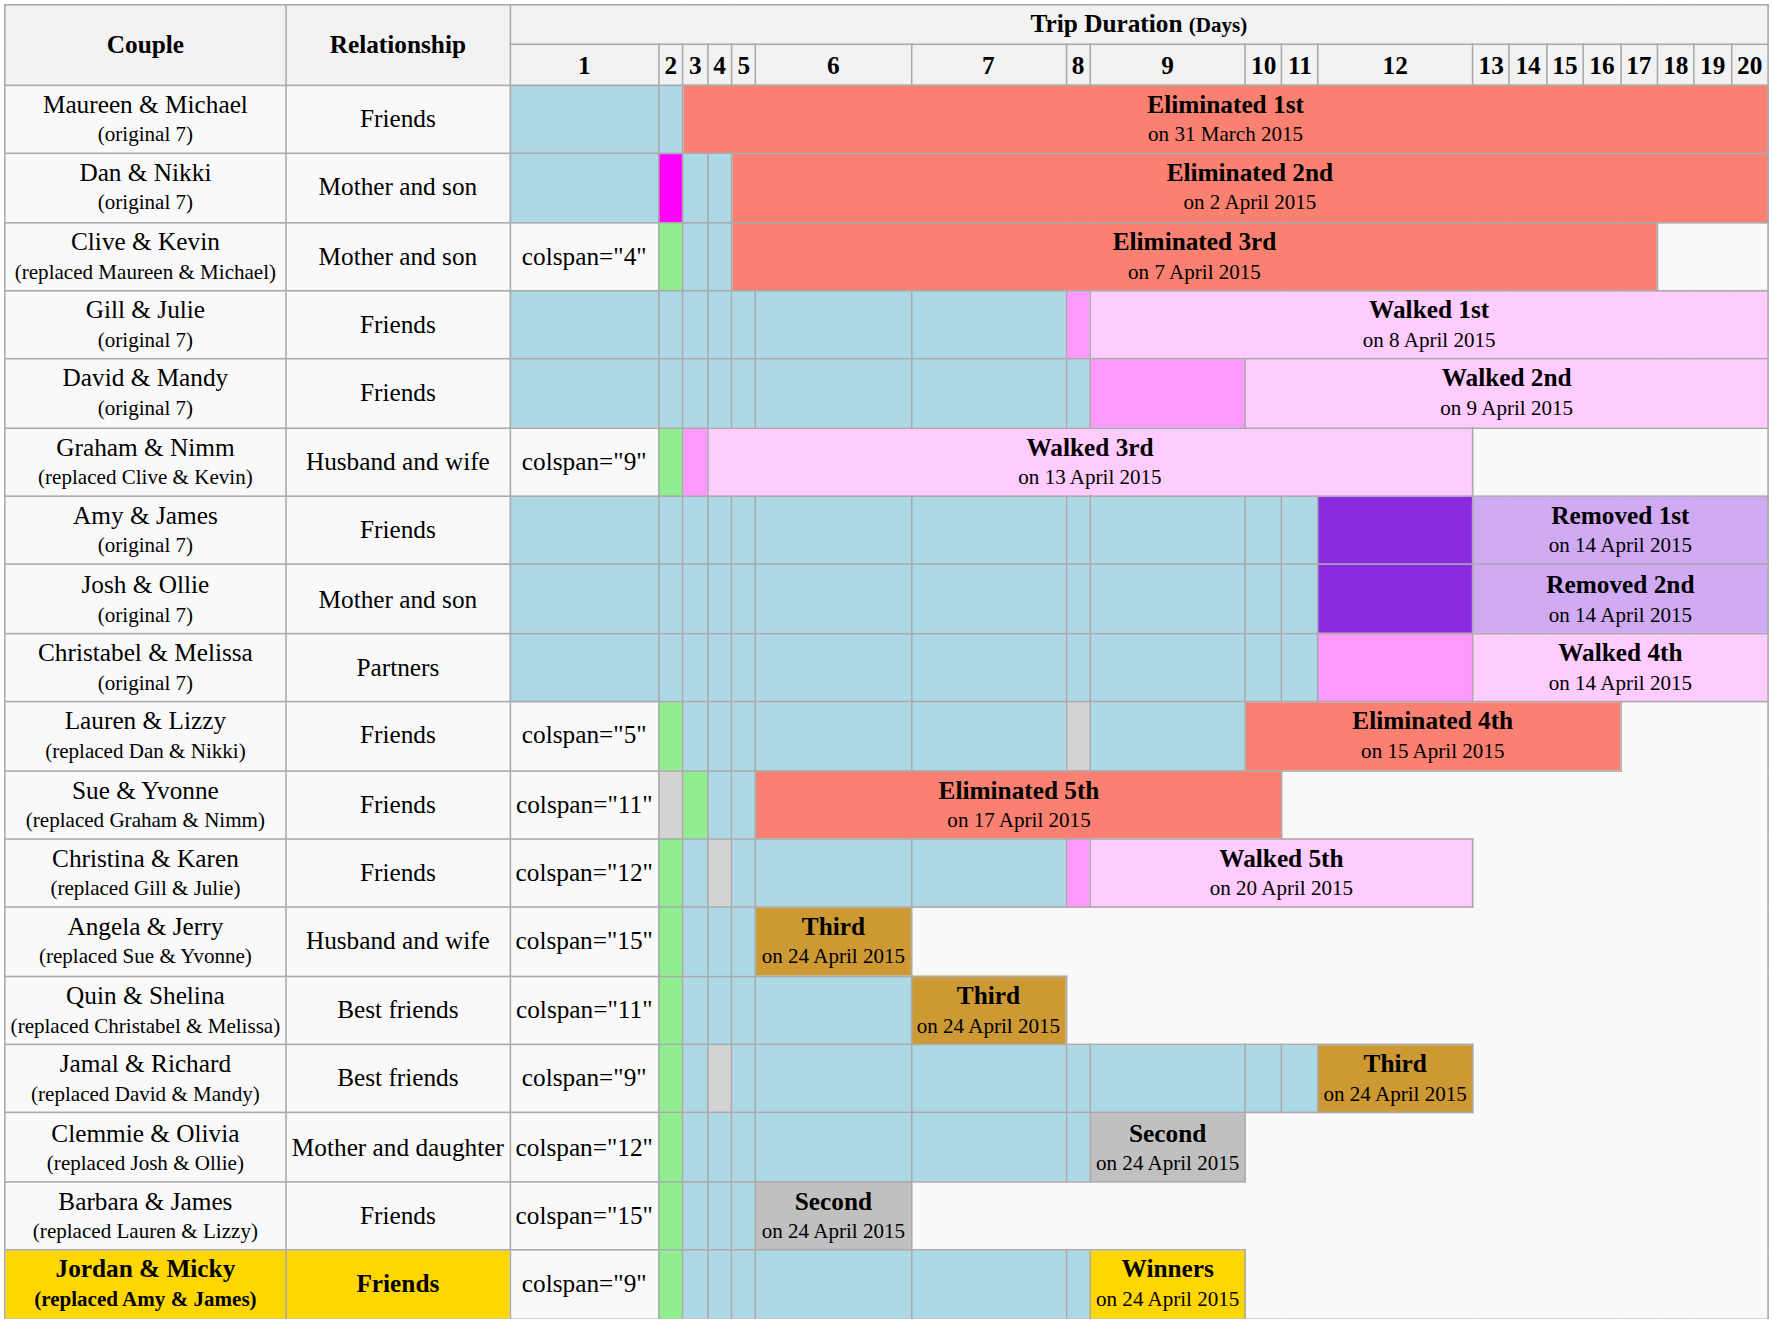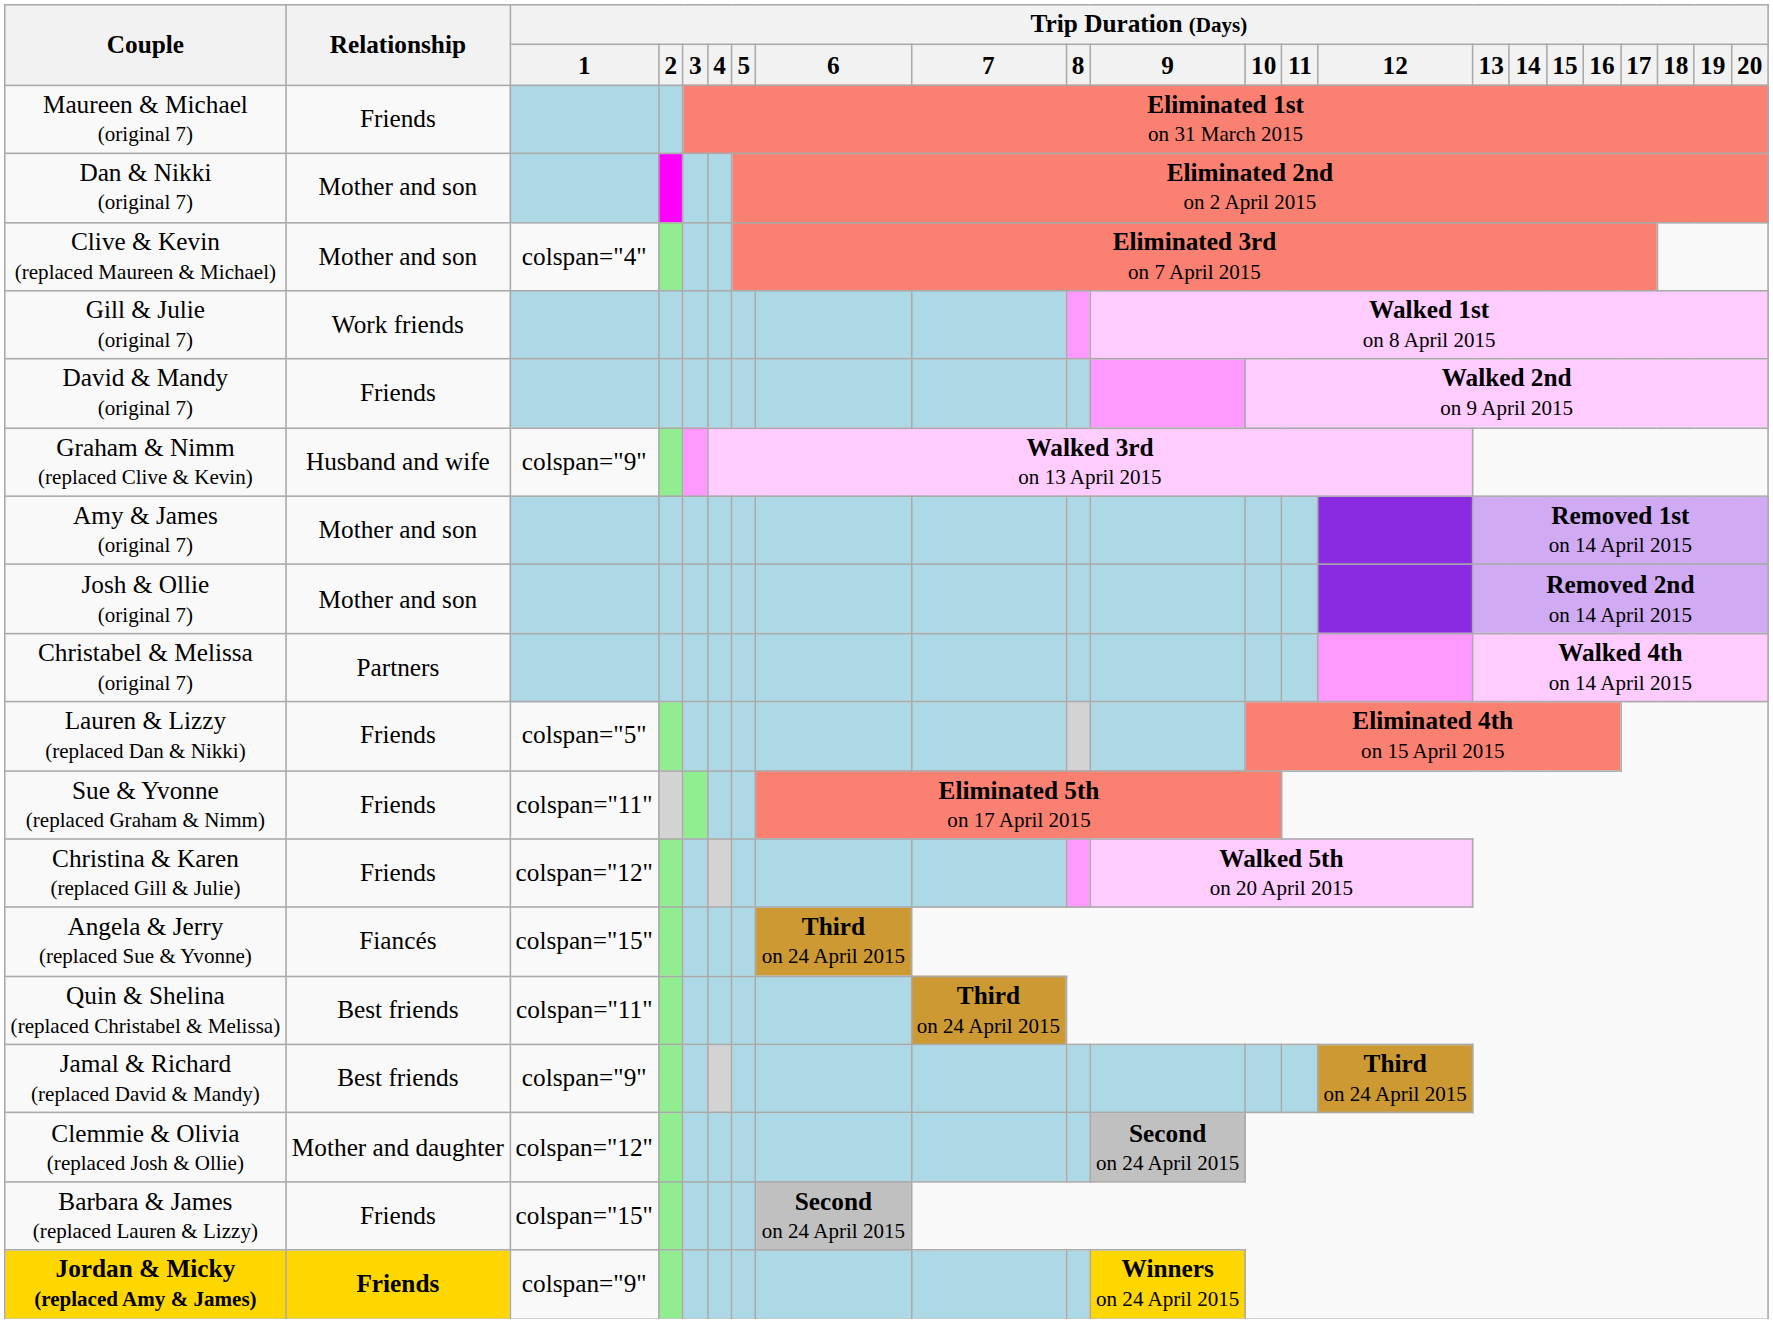 <table class="wikitable" style="text-align:center;">
 <tr>
 <th rowspan="2">Couple</th>
 <th rowspan="2">Relationship</th>
 <th colspan="20">Trip Duration <small>(Days)</small></th>
 </tr>
 <tr>
 <th>1</th>
 <th>2</th>
 <th>3</th>
 <th>4</th>
 <th>5</th>
 <th>6</th>
 <th>7</th>
 <th>8</th>
 <th>9</th>
 <th>10</th>
 <th>11</th>
 <th>12</th>
 <th>13</th>
 <th>14</th>
 <th>15</th>
 <th>16</th>
 <th>17</th>
 <th>18</th>
 <th>19</th>
 <th>20</th>
 </tr>
 <tr>
 <td>Maureen & Michael<br><small>(original 7)</small></td>
 <td>Friends</td>
 <td style="background:lightblue;"></td>
 <td style="background:lightblue;"></td>
 <td colspan="18" style="background:salmon;"><strong>Eliminated 1st</strong><br><small>on 31 March 2015</small></td>
 </tr>
 <tr>
 <td>Dan & Nikki<br><small>(original 7)</small></td>
 <td>Mother and son</td>
 <td style="background:lightblue;"></td>
 <td style="background:#ff00ff;"></td>
 <td style="background:lightblue;"></td>
 <td style="background:lightblue;"></td>
 <td colspan="16" style="background:salmon;"><strong>Eliminated 2nd</strong><br><small>on 2 April 2015</small></td>
 </tr>
 <tr>
 <td>Clive & Kevin<br><small>(replaced Maureen & Michael)</small></td>
 <td>Mother and son</td>
 <td>colspan="4" </td>
 <td style="background:lightgreen;"></td>
 <td style="background:lightblue;"></td>
 <td style="background:lightblue;"></td>
 <td colspan="13" style="background:salmon;"><strong>Eliminated 3rd</strong><br><small>on 7 April 2015</small></td>
 </tr>
 <tr>
 <td>Gill & Julie<br><small>(original 7)</small></td>
-<td>Friends</td>
+<td>Work friends</td>
 <td style="background:lightblue;"></td>
 <td style="background:lightblue;"></td>
 <td style="background:lightblue;"></td>
 <td style="background:lightblue;"></td>
 <td style="background:lightblue;"></td>
 <td style="background:lightblue;"></td>
 <td style="background:lightblue;"></td>
 <td style="background:#ff99ff;"></td>
 <td colspan="12" style="background:#ffccff;"><strong>Walked 1st</strong><br><small>on 8 April 2015</small></td>
 </tr>
 <tr>
 <td>David & Mandy<br><small>(original 7)</small></td>
 <td>Friends</td>
 <td style="background:lightblue;"></td>
 <td style="background:lightblue;"></td>
 <td style="background:lightblue;"></td>
 <td style="background:lightblue;"></td>
 <td style="background:lightblue;"></td>
 <td style="background:lightblue;"></td>
 <td style="background:lightblue;"></td>
 <td style="background:lightblue;"></td>
 <td style="background:#ff99ff;"></td>
 <td colspan="11" style="background:#ffccff;"><strong>Walked 2nd</strong><br><small>on 9 April 2015</small></td>
 </tr>
 <tr>
 <td>Graham & Nimm<br><small>(replaced Clive & Kevin)</small></td>
 <td>Husband and wife</td>
 <td>colspan="9" </td>
 <td style="background:lightgreen;"></td>
 <td style="background:#ff99ff;"></td>
 <td colspan="9" style="background:#ffccff;"><strong>Walked 3rd</strong><br><small>on 13 April 2015</small></td>
 </tr>
 <tr>
 <td>Amy & James<br><small>(original 7)</small></td>
-<td>Friends</td>
+<td>Mother and son</td>
 <td style="background:lightblue;"></td>
 <td style="background:lightblue;"></td>
 <td style="background:lightblue;"></td>
 <td style="background:lightblue;"></td>
 <td style="background:lightblue;"></td>
 <td style="background:lightblue;"></td>
 <td style="background:lightblue;"></td>
 <td style="background:lightblue;"></td>
 <td style="background:lightblue;"></td>
 <td style="background:lightblue;"></td>
 <td style="background:lightblue;"></td>
 <td style="background:#8a2be2;"></td>
 <td colspan="8" style="background:#D0AAF3;"><strong>Removed 1st</strong><br><small>on 14 April 2015</small></td>
 </tr>
 <tr>
 <td>Josh & Ollie<br><small>(original 7)</small></td>
 <td>Mother and son</td>
 <td style="background:lightblue;"></td>
 <td style="background:lightblue;"></td>
 <td style="background:lightblue;"></td>
 <td style="background:lightblue;"></td>
 <td style="background:lightblue;"></td>
 <td style="background:lightblue;"></td>
 <td style="background:lightblue;"></td>
 <td style="background:lightblue;"></td>
 <td style="background:lightblue;"></td>
 <td style="background:lightblue;"></td>
 <td style="background:lightblue;"></td>
 <td style="background:#8a2be2;"></td>
 <td colspan="8" style="background:#D0AAF3;"><strong>Removed 2nd</strong><br><small>on 14 April 2015</small></td>
 </tr>
 <tr>
 <td>Christabel & Melissa<br><small>(original 7)</small></td>
 <td>Partners</td>
 <td style="background:lightblue;"></td>
 <td style="background:lightblue;"></td>
 <td style="background:lightblue;"></td>
 <td style="background:lightblue;"></td>
 <td style="background:lightblue;"></td>
 <td style="background:lightblue;"></td>
 <td style="background:lightblue;"></td>
 <td style="background:lightblue;"></td>
 <td style="background:lightblue;"></td>
 <td style="background:lightblue;"></td>
 <td style="background:lightblue;"></td>
 <td style="background:#ff99ff;"></td>
 <td colspan="8" style="background:#ffccff;"><strong>Walked 4th</strong><br><small>on 14 April 2015</small></td>
 </tr>
 <tr>
 <td>Lauren & Lizzy<br><small>(replaced Dan & Nikki)</small></td>
 <td>Friends</td>
 <td>colspan="5" </td>
 <td style="background:lightgreen;"></td>
 <td style="background:lightblue;"></td>
 <td style="background:lightblue;"></td>
 <td style="background:lightblue;"></td>
 <td style="background:lightblue;"></td>
 <td style="background:lightblue;"></td>
 <td style="background:lightgrey"></td>
 <td style="background:lightblue;"></td>
 <td colspan="7"  style="background:salmon;"><strong>Eliminated 4th</strong><br><small>on 15 April 2015</small></td>
 </tr>
 <tr>
 <td>Sue & Yvonne<br><small>(replaced Graham & Nimm)</small></td>
 <td>Friends</td>
 <td>colspan="11" </td>
 <td style="background:lightgrey;"></td>
 <td style="background:lightgreen;"></td>
 <td style="background:lightblue;"></td>
 <td style="background:lightblue;"></td>
 <td colspan="5"  style="background:salmon;"><strong>Eliminated 5th</strong><br><small>on 17 April 2015</small></td>
 </tr>
 <tr>
 <td>Christina & Karen<br><small>(replaced Gill & Julie)</small></td>
 <td>Friends</td>
 <td>colspan="12" </td>
 <td style="background:lightgreen;"></td>
 <td style="background:lightblue;"></td>
 <td style="background:lightgrey;"></td>
 <td style="background:lightblue;"></td>
 <td style="background:lightblue;"></td>
 <td style="background:lightblue;"></td>
 <td style="background:#ff99ff;"></td>
 <td colspan="4" style="background:#ffccff;"><strong>Walked 5th</strong><br><small>on 20 April 2015</small></td>
 </tr>
 <tr>
 <td>Angela & Jerry<br><small>(replaced Sue & Yvonne)</small></td>
-<td>Husband and wife</td>
+<td>Fiancés</td>
 <td>colspan="15" </td>
 <td style="background:lightgreen;"></td>
 <td style="background:lightblue;"></td>
 <td style="background:lightblue;"></td>
 <td style="background:lightblue;"></td>
 <td style="background:#cc9933;"><strong>Third</strong><br><small>on 24 April 2015</small></td>
 </tr>
 <tr>
 <td>Quin & Shelina<br><small>(replaced Christabel & Melissa)</small></td>
 <td>Best friends</td>
 <td>colspan="11" </td>
 <td style="background:lightgreen;"></td>
 <td style="background:lightblue;"></td>
 <td style="background:lightblue;"></td>
 <td style="background:lightblue;"></td>
 <td style="background:lightblue;"></td>
 <td style="background:#cc9933;"><strong>Third</strong><br><small>on 24 April 2015</small></td>
 </tr>
 <tr>
 <td>Jamal & Richard<br><small>(replaced David & Mandy)</small></td>
 <td>Best friends</td>
 <td>colspan="9" </td>
 <td style="background:lightgreen;"></td>
 <td style="background:lightblue;"></td>
 <td style="background:lightgrey;"></td>
 <td style="background:lightblue;"></td>
 <td style="background:lightblue;"></td>
 <td style="background:lightblue;"></td>
 <td style="background:lightblue;"></td>
 <td style="background:lightblue;"></td>
 <td style="background:lightblue;"></td>
 <td style="background:lightblue;"></td>
 <td style="background:#cc9933;"><strong>Third</strong><br><small>on 24 April 2015</small></td>
 </tr>
 <tr>
 <td>Clemmie & Olivia<br><small>(replaced Josh & Ollie)</small></td>
 <td>Mother and daughter</td>
 <td>colspan="12" </td>
 <td style="background:lightgreen;"></td>
 <td style="background:lightblue;"></td>
 <td style="background:lightblue;"></td>
 <td style="background:lightblue;"></td>
 <td style="background:lightblue;"></td>
 <td style="background:lightblue;"></td>
 <td style="background:lightblue;"></td>
 <td style="background:silver;"><strong>Second</strong><br><small>on 24 April 2015</small></td>
 </tr>
 <tr>
 <td>Barbara & James<br><small>(replaced Lauren & Lizzy)</small></td>
 <td>Friends</td>
 <td>colspan="15" </td>
 <td style="background:lightgreen;"></td>
 <td style="background:lightblue;"></td>
 <td style="background:lightblue;"></td>
 <td style="background:lightblue;"></td>
 <td style="background:silver;"><strong>Second</strong><br><small>on 24 April 2015</small></td>
 </tr>
 <tr>
 <td style="background:gold;"><strong>Jordan & Micky</strong><br><small><strong>(replaced Amy & James)</strong></small></td>
 <td style="background:gold;"><strong>Friends</strong></td>
 <td>colspan="9" </td>
 <td style="background:lightgreen;"></td>
 <td style="background:lightblue;"></td>
 <td style="background:lightblue;"></td>
 <td style="background:lightblue;"></td>
 <td style="background:lightblue;"></td>
 <td style="background:lightblue;"></td>
 <td style="background:lightblue;"></td>
 <td style="background:gold;"><strong>Winners</strong><br><small>on 24 April 2015</small></td>
 </tr>
 </table>
